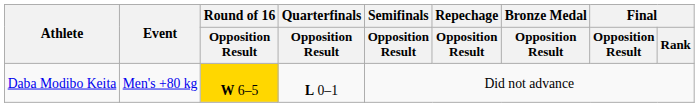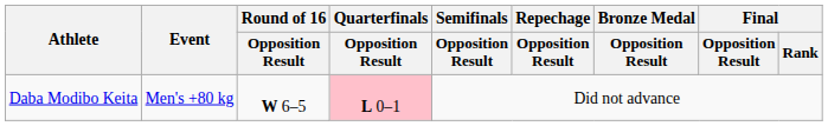 <table class="wikitable" style="font-size:90%">
 <tr>
 <th rowspan="2">Athlete</th>
 <th rowspan="2">Event</th>
 <th>Round of 16</th>
 <th>Quarterfinals</th>
 <th>Semifinals</th>
 <th>Repechage</th>
 <th>Bronze Medal</th>
 <th colspan=2>Final</th>
 </tr>
 <tr style="font-size:95%">
 <th>Opposition<br>Result</th>
 <th>Opposition<br>Result</th>
 <th>Opposition<br>Result</th>
 <th>Opposition<br>Result</th>
 <th>Opposition<br>Result</th>
 <th>Opposition<br>Result</th>
 <th>Rank</th>
 </tr>
 <tr align=center>
 <td align=left><a href='#'>Daba Modibo Keita</a></td>
 <td align=left><a href='#'>Men's +80 kg</a></td>
-<td style="background: gold;"><br><strong>W</strong> 6–5</td>
-<td><br><strong>L</strong> 0–1</td>
+<td><br><strong>W</strong> 6–5</td>
+<td style="background: pink;"><br><strong>L</strong> 0–1</td>
 <td colspan=5>Did not advance</td>
 </tr>
 </table>
